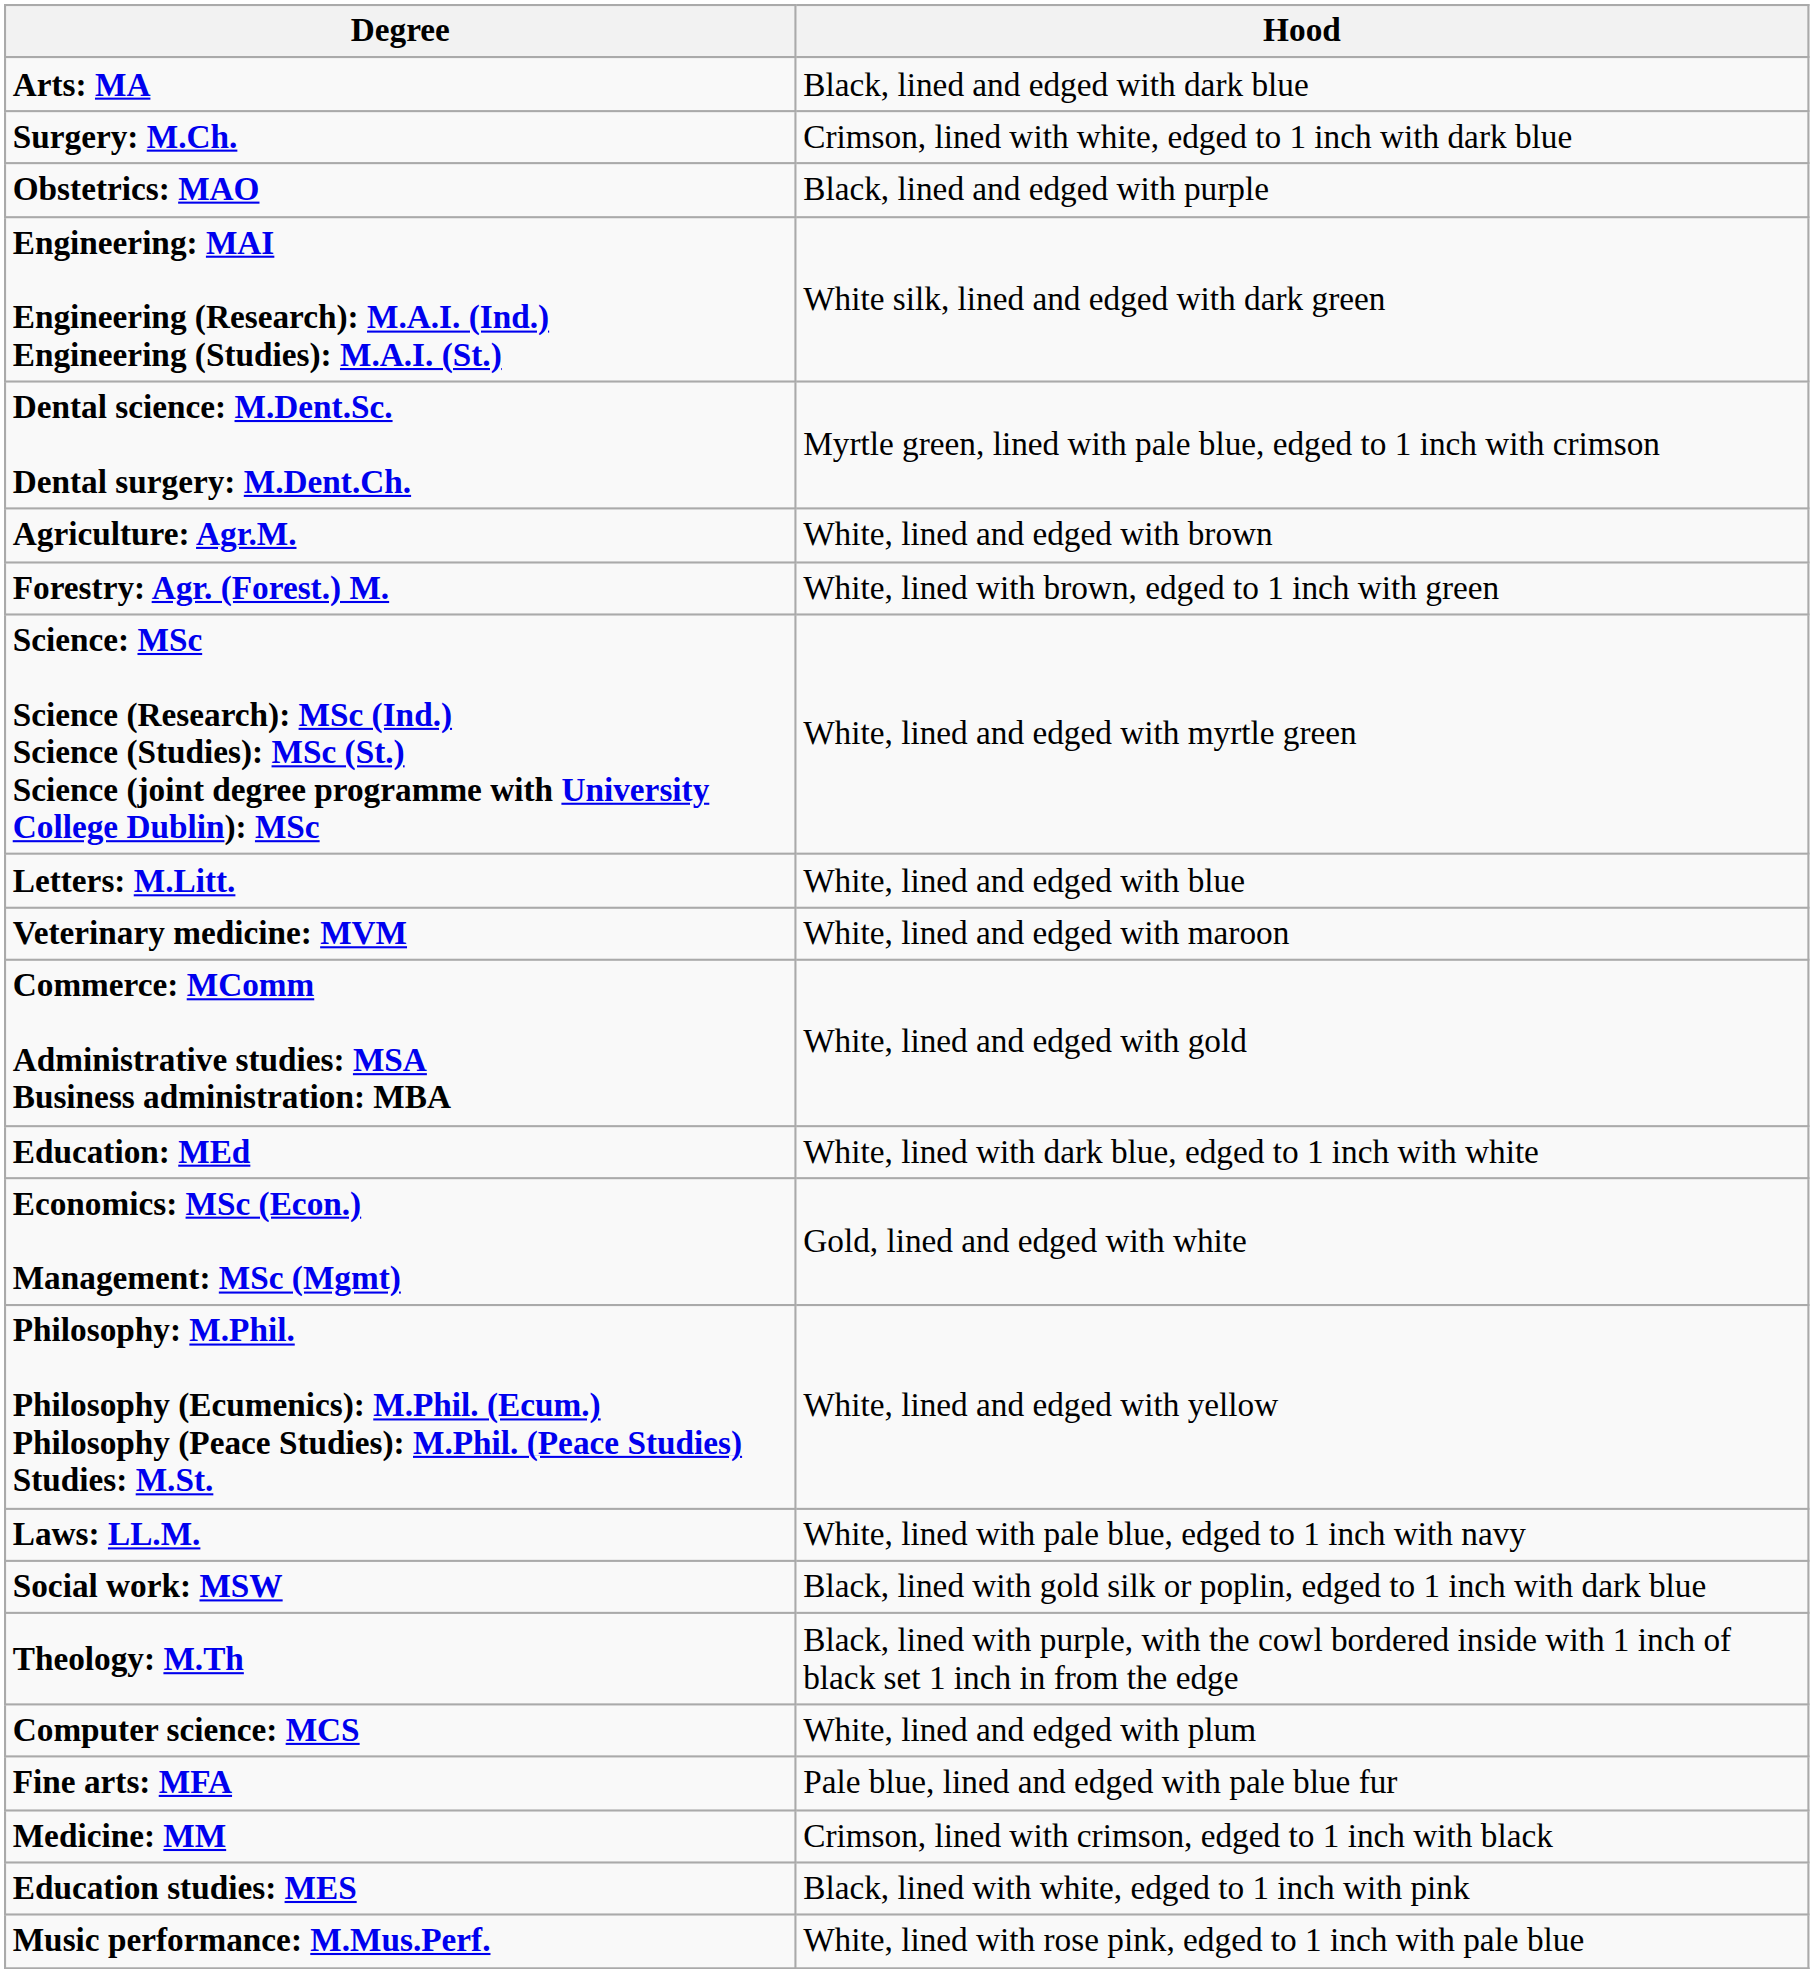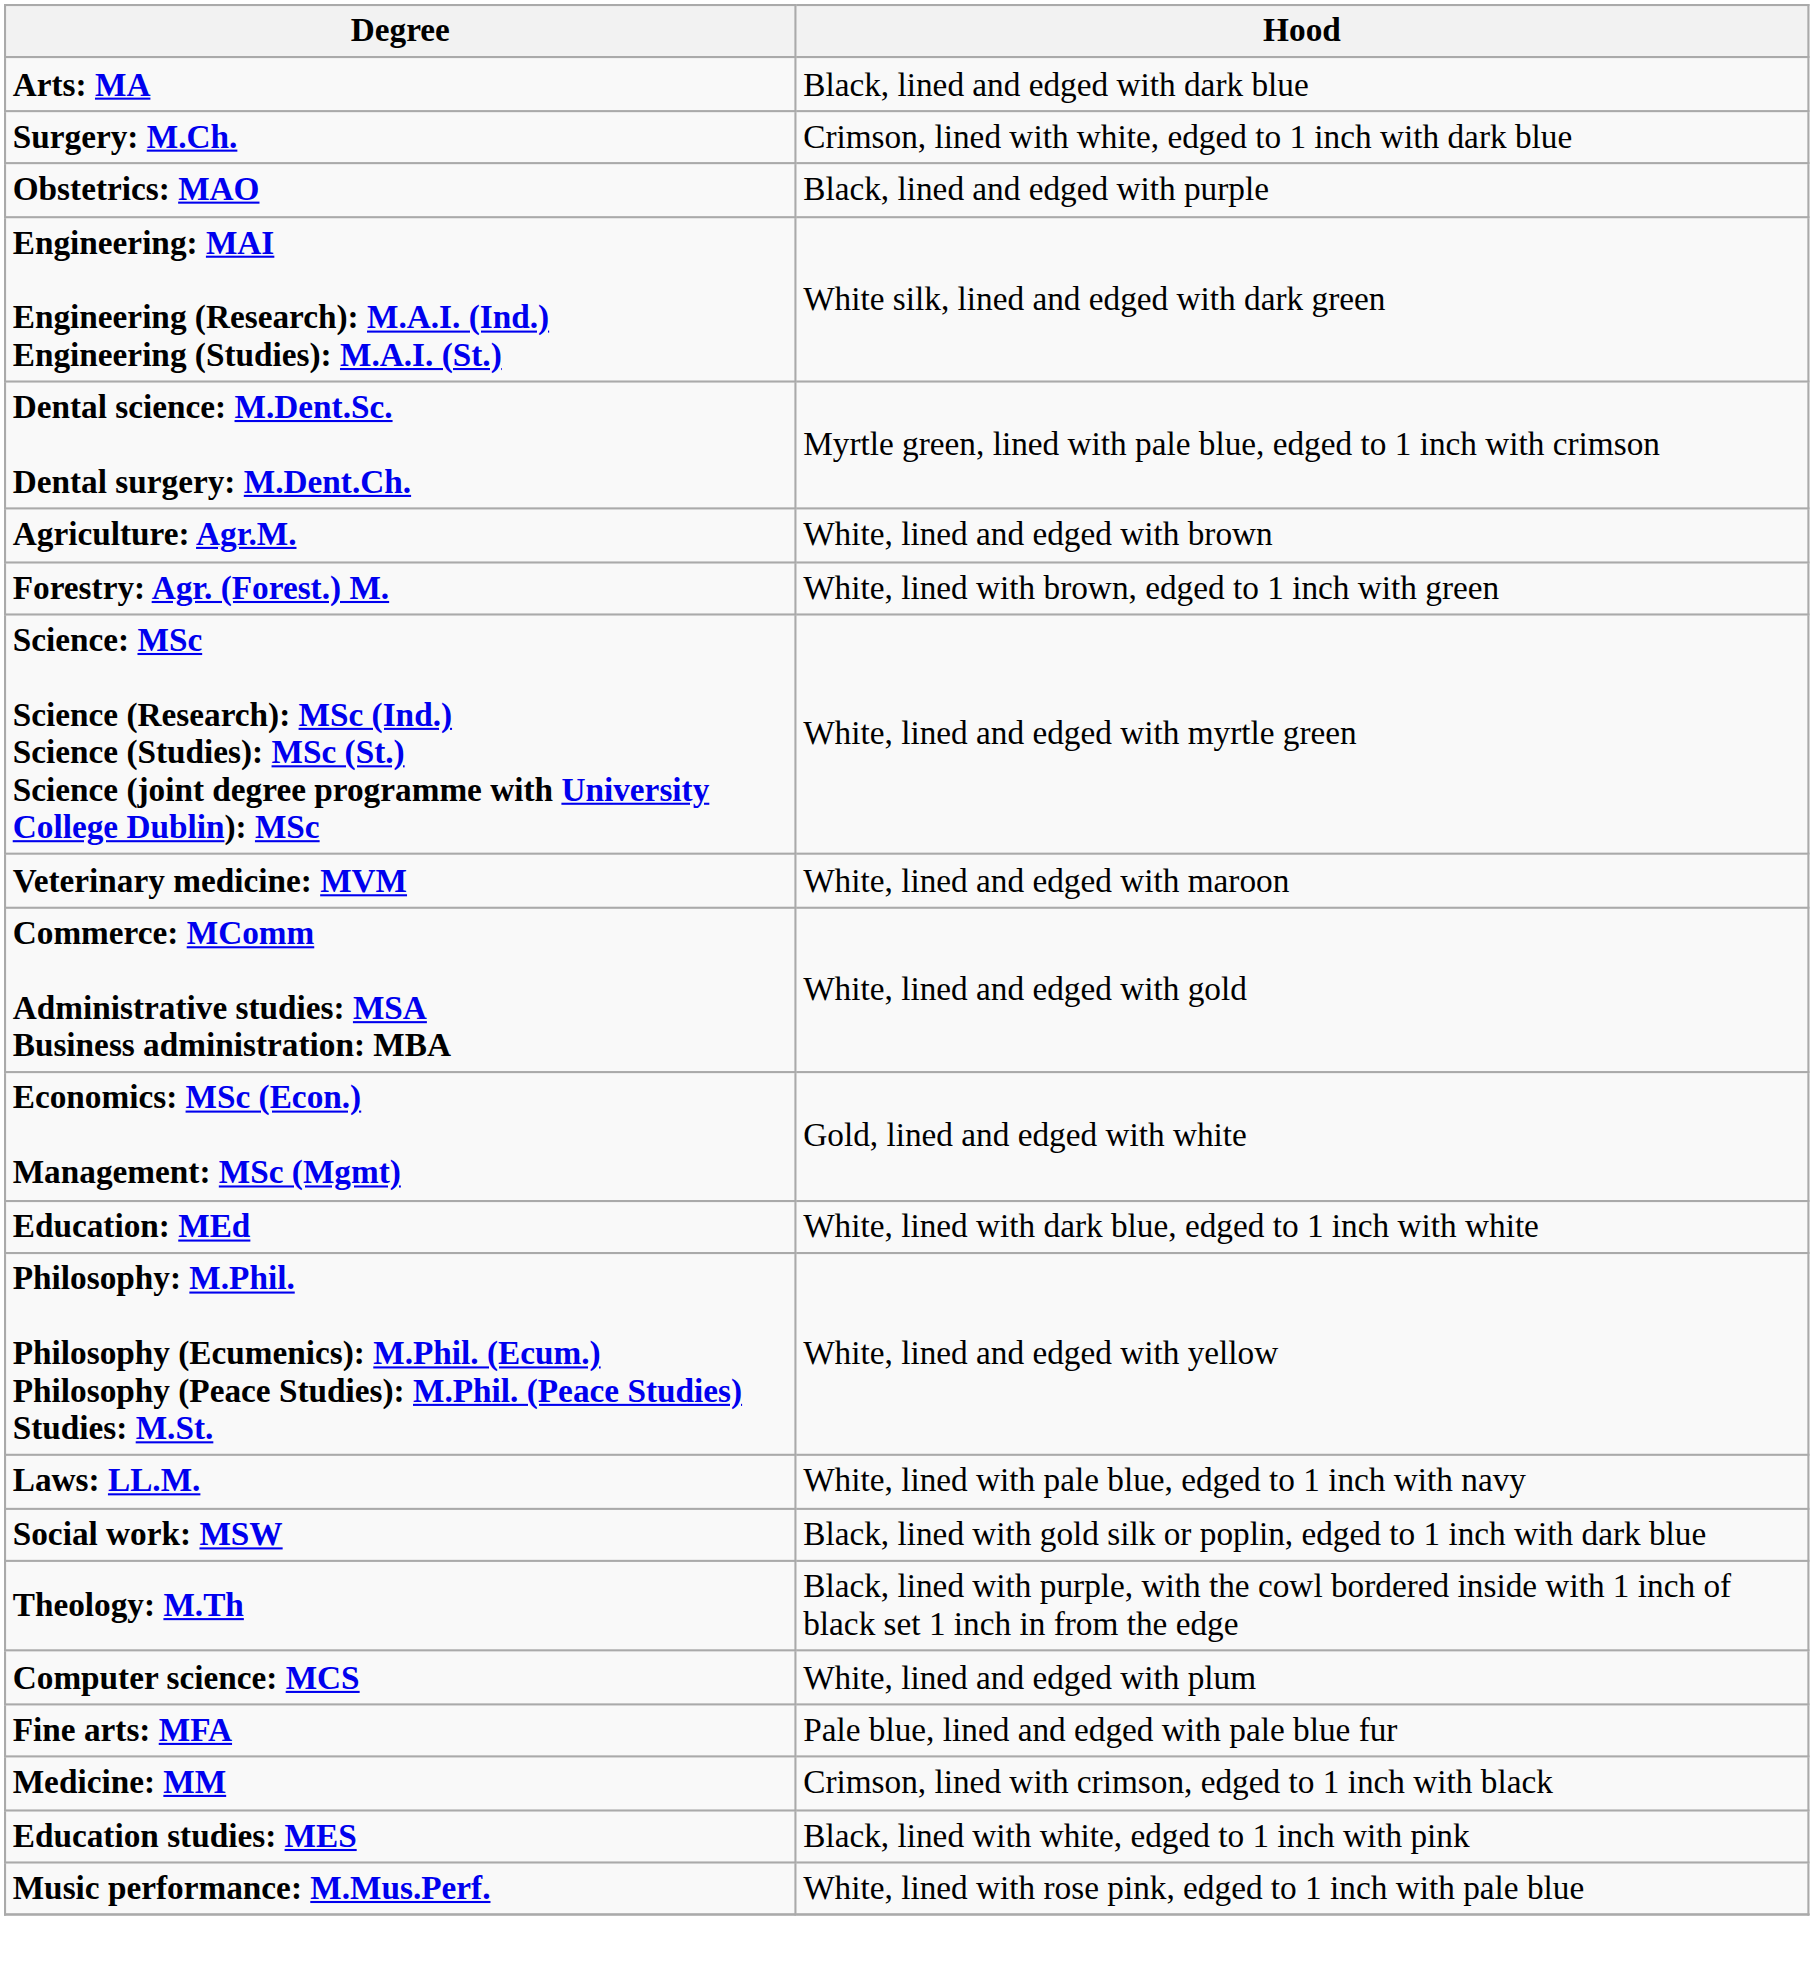 <table class="wikitable">
 <tr>
 <th>Degree</th>
 <th>Hood</th>
 </tr>
 <tr>
 <td><strong>Arts: <a href='#'>MA</a> </strong></td>
 <td>Black, lined and edged with dark blue</td>
 </tr>
 <tr>
 <td><strong>Surgery: <a href='#'>M.Ch.</a> </strong></td>
 <td>Crimson, lined with white, edged to 1 inch with dark blue</td>
 </tr>
 <tr>
 <td><strong>Obstetrics: <a href='#'>MAO</a> </strong></td>
 <td>Black, lined and edged with purple</td>
 </tr>
 <tr>
 <td><strong>Engineering: <a href='#'>MAI</a> </strong><br><br><strong>Engineering (Research): <a href='#'>M.A.I. (Ind.)</a> </strong><br> <strong>Engineering (Studies): <a href='#'>M.A.I. (St.)</a> </strong></td>
 <td>White silk, lined and edged with dark green</td>
 </tr>
 <tr>
 <td><strong>Dental science: <a href='#'>M.Dent.Sc.</a></strong><br><br><strong>Dental surgery: <a href='#'>M.Dent.Ch.</a></strong></td>
 <td>Myrtle green, lined with pale blue, edged to 1 inch with crimson</td>
 </tr>
 <tr>
 <td><strong>Agriculture: <a href='#'>Agr.M.</a> </strong></td>
 <td>White, lined and edged with brown</td>
 </tr>
 <tr>
 <td><strong>Forestry: <a href='#'>Agr. (Forest.) M.</a> </strong></td>
 <td>White, lined with brown, edged to 1 inch with green</td>
 </tr>
 <tr>
 <td><strong>Science: <a href='#'>MSc</a></strong><br><br><strong>Science (Research): <a href='#'>MSc (Ind.)</a><br></strong> <strong>Science (Studies): <a href='#'>MSc (St.)</a></strong><br> <strong>Science (joint degree programme with <a href='#'>University College Dublin</a>): <a href='#'>MSc</a></strong></td>
 <td>White, lined and edged with myrtle green</td>
 </tr>
 <tr>
-<td><strong>Letters: <a href='#'>M.Litt.</a> </strong></td>
-<td>White, lined and edged with blue</td>
-</tr>
-<tr>
 <td><strong>Veterinary medicine: <a href='#'>MVM</a> </strong></td>
 <td>White, lined and edged with maroon</td>
 </tr>
 <tr>
 <td><strong>Commerce: <a href='#'>MComm</a></strong><br><br><strong>Administrative studies: <a href='#'>MSA</a></strong><br> <strong>Business administration: MBA</strong></td>
 <td>White, lined and edged with gold</td>
 </tr>
 <tr>
+<td><strong>Economics: <a href='#'>MSc (Econ.)</a></strong><br><br><strong>Management: <a href='#'>MSc (Mgmt)</a></strong></td>
+<td>Gold, lined and edged with white</td>
+</tr>
+<tr>
 <td><strong>Education: <a href='#'>MEd</a> </strong></td>
 <td>White, lined with dark blue, edged to 1 inch with white</td>
-</tr>
-<tr>
-<td><strong>Economics: <a href='#'>MSc (Econ.)</a></strong><br><br><strong>Management: <a href='#'>MSc (Mgmt)</a></strong></td>
-<td>Gold, lined and edged with white</td>
 </tr>
 <tr>
 <td><strong>Philosophy: <a href='#'>M.Phil.</a></strong><br><br><strong>Philosophy (Ecumenics): <a href='#'>M.Phil. (Ecum.)</a><br></strong> <strong>Philosophy (Peace Studies): <a href='#'>M.Phil. (Peace Studies)</a><br></strong> <strong>Studies: <a href='#'>M.St.</a></strong></td>
 <td>White, lined and edged with yellow</td>
 </tr>
 <tr>
 <td><strong>Laws: <a href='#'>LL.M.</a> </strong></td>
 <td>White, lined with pale blue, edged to 1 inch with navy</td>
 </tr>
 <tr>
 <td><strong>Social work: <a href='#'>MSW</a> </strong></td>
 <td>Black, lined with gold silk or poplin, edged to 1 inch with dark blue</td>
 </tr>
 <tr>
 <td><strong>Theology: <a href='#'>M.Th</a></strong></td>
 <td>Black, lined with purple, with the cowl bordered inside with 1 inch of black set 1 inch in from the edge</td>
 </tr>
 <tr>
 <td><strong>Computer science: <a href='#'>MCS</a> </strong></td>
 <td>White, lined and edged with plum</td>
 </tr>
 <tr>
 <td><strong>Fine arts: <a href='#'>MFA</a> </strong></td>
 <td>Pale blue, lined and edged with pale blue fur</td>
 </tr>
 <tr>
 <td><strong>Medicine: <a href='#'>MM</a> </strong></td>
 <td>Crimson, lined with crimson, edged to 1 inch with black</td>
 </tr>
 <tr>
 <td><strong>Education studies: <a href='#'>MES</a> </strong></td>
 <td>Black, lined with white, edged to 1 inch with pink</td>
 </tr>
 <tr>
 <td><strong>Music performance: <a href='#'>M.Mus.Perf.</a> </strong></td>
 <td>White, lined with rose pink, edged to 1 inch with pale blue</td>
 </tr>
 <tr>
 </tr>
 </table>
